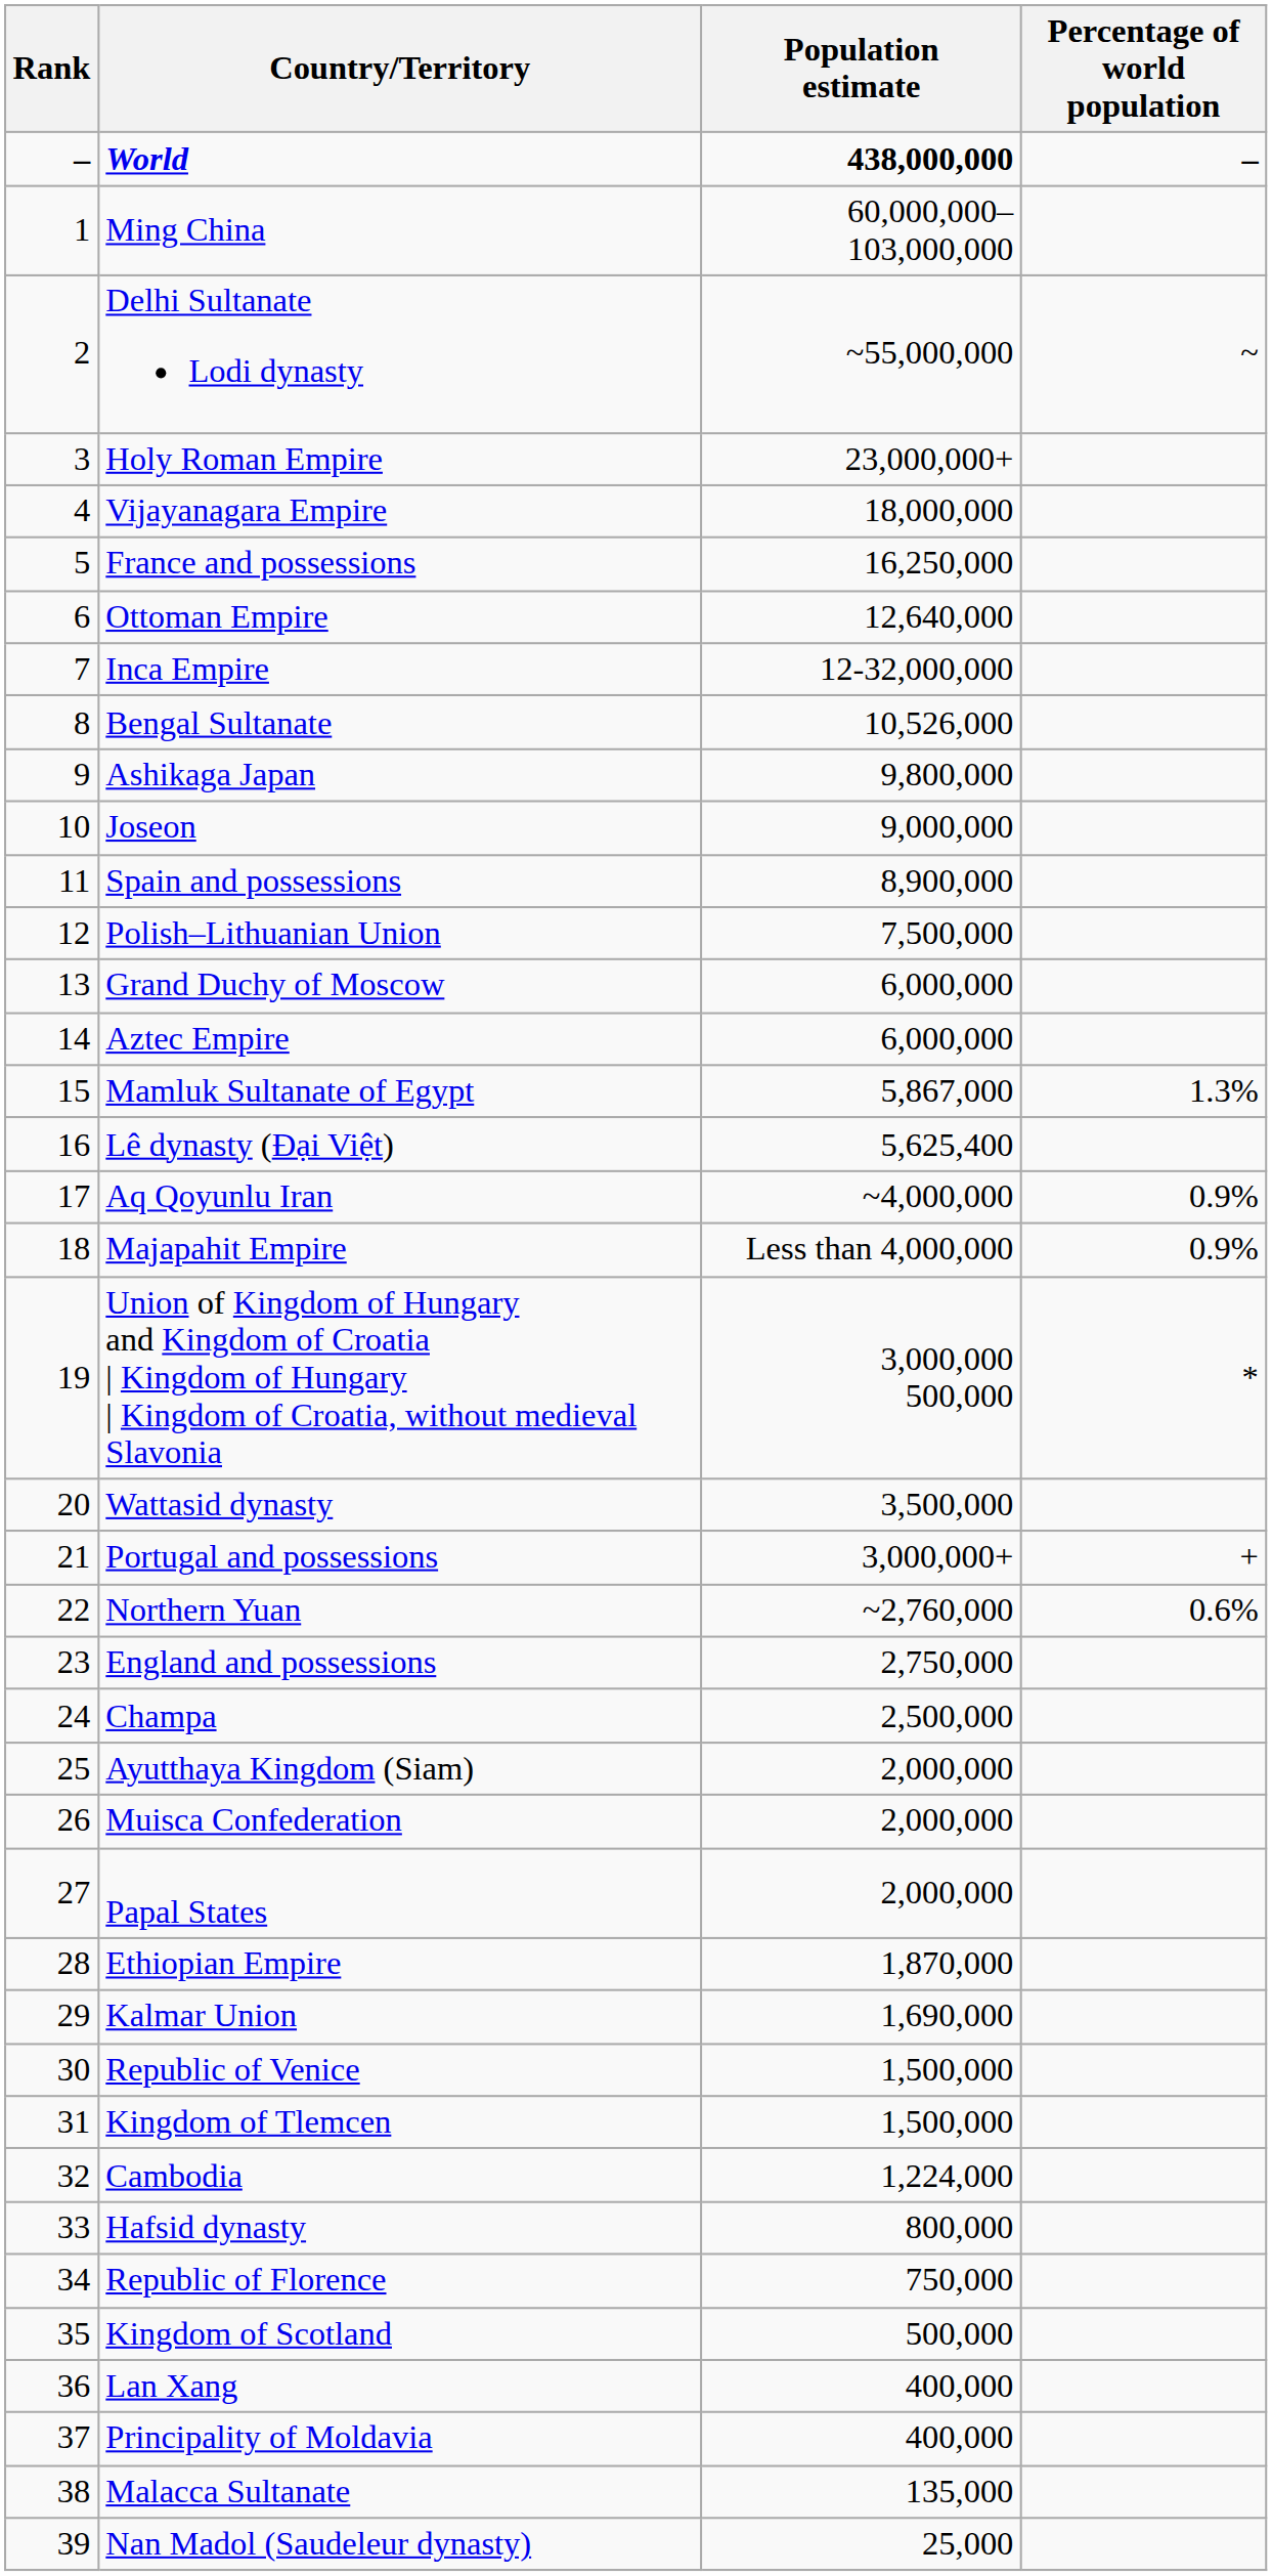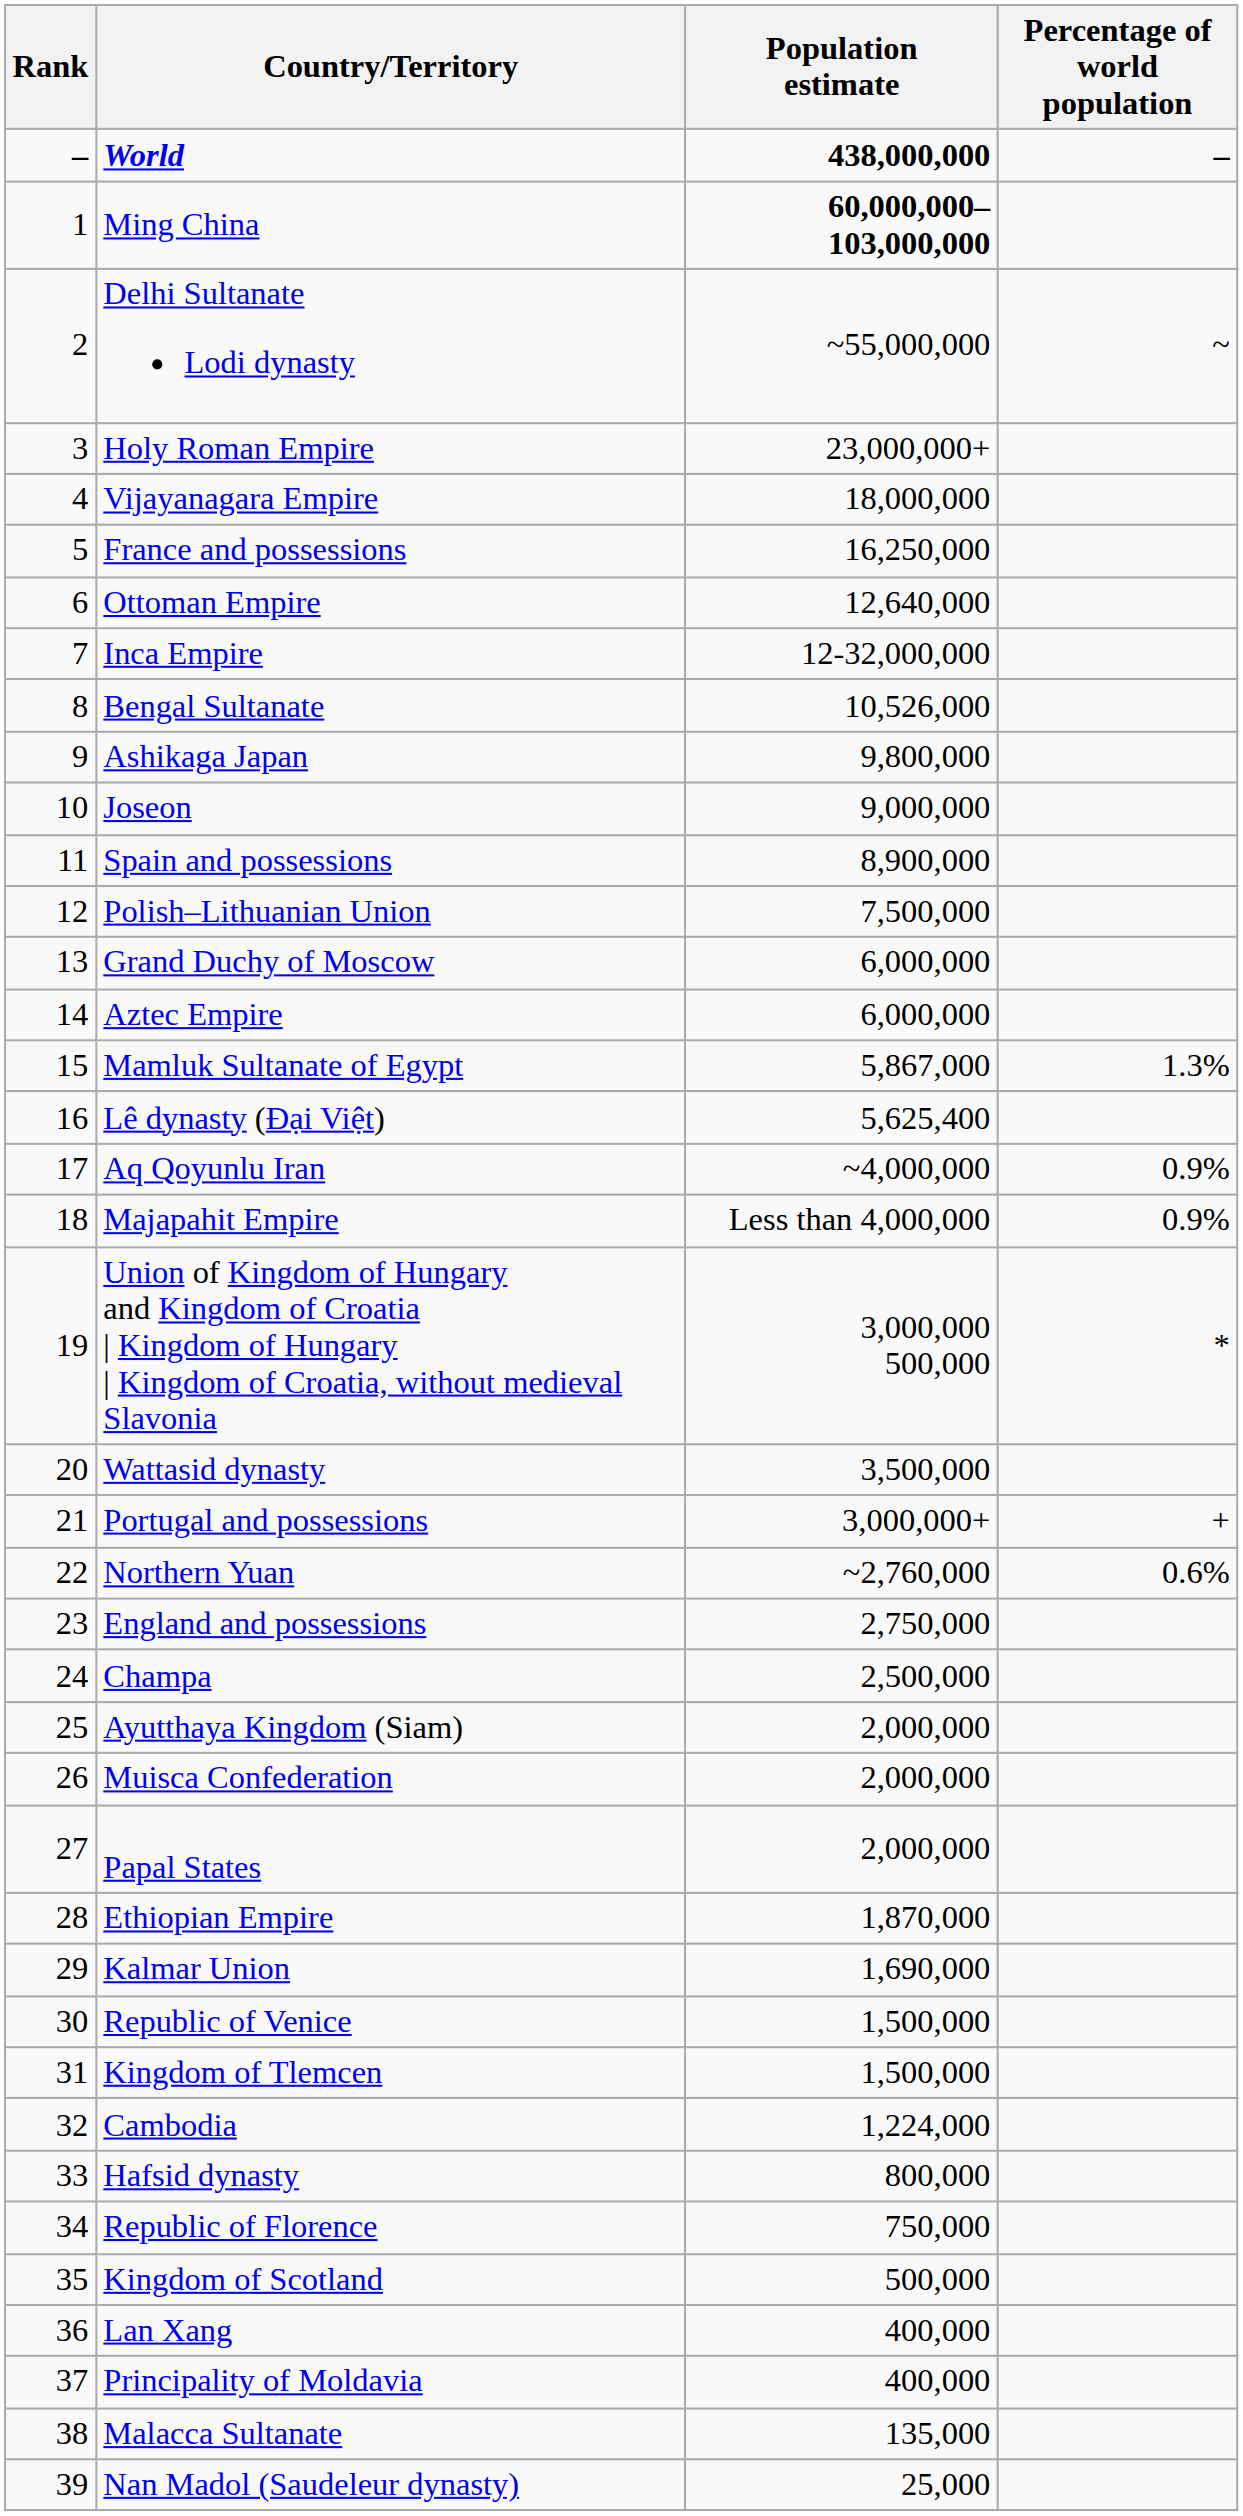 <table class="wikitable sticky-header" style="text-align:right">
 <tr>
 <th>Rank</th>
 <th>Country/Territory</th>
 <th>Population<br> estimate</th>
 <th>Percentage of<br>world population</th>
 </tr>
 <tr style="font-weight: bold;">
 <td>–</td>
 <td align="left"> <em><a href='#'>World</a></em> </td>
 <td>438,000,000</td>
 <td>–</td>
 </tr>
 <tr>
 <td>1</td>
 <td align="left"> <a href='#'>Ming China</a></td>
-<td>60,000,000–103,000,000</td>
+<td><strong>60,000,000–103,000,000</strong></td>
 <td></td>
 </tr>
 <tr>
 <td>2</td>
 <td style="text-align:left;"> <a href='#'>Delhi Sultanate</a><br><ul><li><a href='#'>Lodi dynasty</a></li></ul></td>
 <td>~55,000,000</td>
 <td>~</td>
 </tr>
 <tr>
 <td>3</td>
 <td style="text-align:left;"> <a href='#'>Holy Roman Empire</a><br></td>
 <td>23,000,000+</td>
 <td></td>
 </tr>
 <tr>
 <td>4</td>
 <td style="text-align:left;"><a href='#'>Vijayanagara Empire</a></td>
 <td>18,000,000</td>
 <td></td>
 </tr>
 <tr>
 <td>5</td>
 <td style="text-align:left;"> <a href='#'>France and possessions</a><br></td>
 <td>16,250,000</td>
 <td></td>
 </tr>
 <tr>
 <td>6</td>
 <td style="text-align:left;"> <a href='#'>Ottoman Empire</a><br> </td>
 <td>12,640,000</td>
 <td></td>
 </tr>
 <tr>
 <td>7</td>
 <td style="text-align:left;"> <a href='#'>Inca Empire</a></td>
 <td>12-32,000,000</td>
 <td></td>
 </tr>
 <tr>
 <td>8</td>
 <td style="text-align:left;"> <a href='#'>Bengal Sultanate</a></td>
 <td>10,526,000</td>
 <td></td>
 </tr>
 <tr>
 <td>9</td>
 <td style="text-align:left;"> <a href='#'>Ashikaga Japan</a></td>
 <td>9,800,000</td>
 <td></td>
 </tr>
 <tr>
 <td>10</td>
 <td style="text-align:left;"> <a href='#'>Joseon</a></td>
 <td>9,000,000</td>
 <td></td>
 </tr>
 <tr>
 <td>11</td>
 <td style="text-align:left;">  <a href='#'>Spain and possessions</a><br></td>
 <td>8,900,000</td>
 <td></td>
 </tr>
 <tr>
 <td>12</td>
 <td style="text-align:left;">  <a href='#'>Polish–Lithuanian Union</a><br></td>
 <td>7,500,000</td>
 <td></td>
 </tr>
 <tr>
 <td>13</td>
 <td style="text-align:left;"> <a href='#'>Grand Duchy of Moscow</a></td>
 <td>6,000,000</td>
 <td></td>
 </tr>
 <tr>
 <td>14</td>
 <td style="text-align:left;"> <a href='#'>Aztec Empire</a></td>
 <td>6,000,000</td>
 <td></td>
 </tr>
 <tr>
 <td>15</td>
 <td style="text-align:left;"> <a href='#'>Mamluk Sultanate of Egypt</a><br></td>
 <td>5,867,000</td>
 <td>1.3%</td>
 </tr>
 <tr>
 <td>16</td>
 <td style="text-align:left;"><a href='#'>Lê dynasty</a> (<a href='#'>Đại Việt</a>)</td>
 <td>5,625,400</td>
 <td></td>
 </tr>
 <tr>
 <td>17</td>
 <td style="text-align:left;"> <a href='#'>Aq Qoyunlu Iran</a></td>
 <td>~4,000,000</td>
 <td>0.9%</td>
 </tr>
 <tr>
 <td>18</td>
 <td style="text-align:left;"> <a href='#'>Majapahit Empire</a></td>
 <td>Less than 4,000,000</td>
 <td>0.9%</td>
 </tr>
 <tr>
 <td>19</td>
 <td style="text-align:left;"><a href='#'>Union</a> of <a href='#'>Kingdom of Hungary</a><br>and <a href='#'>Kingdom of Croatia</a><br>| <a href='#'>Kingdom of Hungary</a> <br>| <a href='#'>Kingdom of Croatia, without medieval Slavonia</a></td>
 <td>3,000,000<br>500,000</td>
 <td>*</td>
 </tr>
 <tr>
 <td>20</td>
 <td style="text-align:left;"> <a href='#'>Wattasid dynasty</a></td>
 <td>3,500,000</td>
 <td></td>
 </tr>
 <tr>
 <td>21</td>
 <td style="text-align:left;"> <a href='#'>Portugal and possessions</a><br></td>
 <td>3,000,000+</td>
 <td>+</td>
 </tr>
 <tr>
 <td>22</td>
 <td style="text-align:left;"><a href='#'>Northern Yuan</a></td>
 <td>~2,760,000</td>
 <td>0.6%</td>
 </tr>
 <tr>
 <td>23</td>
 <td style="text-align:left;"> <a href='#'>England and possessions</a><br></td>
 <td>2,750,000</td>
 <td></td>
 </tr>
 <tr>
 <td>24</td>
 <td style="text-align:left;"><a href='#'>Champa</a></td>
 <td>2,500,000</td>
 <td></td>
 </tr>
 <tr>
 <td>25</td>
 <td style="text-align:left;"> <a href='#'>Ayutthaya Kingdom</a> (Siam)</td>
 <td>2,000,000</td>
 <td></td>
 </tr>
 <tr>
 <td>26</td>
 <td style="text-align:left;"> <a href='#'>Muisca Confederation</a></td>
 <td>2,000,000</td>
 <td></td>
 </tr>
 <tr>
 <td>27</td>
 <td style="text-align:left;"><br> <a href='#'>Papal States</a></td>
 <td>2,000,000</td>
 <td></td>
 </tr>
 <tr>
 <td>28</td>
 <td style="text-align:left;"> <a href='#'>Ethiopian Empire</a></td>
 <td>1,870,000</td>
 <td></td>
 </tr>
 <tr>
 <td>29</td>
 <td style="text-align:left;"> <a href='#'>Kalmar Union</a><br></td>
 <td>1,690,000</td>
 <td></td>
 </tr>
 <tr>
 <td>30</td>
 <td style="text-align:left;"> <a href='#'>Republic of Venice</a><br></td>
 <td>1,500,000</td>
 <td></td>
 </tr>
 <tr>
 <td>31</td>
 <td style="text-align:left;"> <a href='#'>Kingdom of Tlemcen</a></td>
 <td>1,500,000</td>
 <td></td>
 </tr>
 <tr>
 <td>32</td>
 <td style="text-align:left;"> <a href='#'>Cambodia</a></td>
 <td>1,224,000</td>
 <td></td>
 </tr>
 <tr>
 <td>33</td>
 <td style="text-align:left;"> <a href='#'>Hafsid dynasty</a></td>
 <td>800,000</td>
 <td></td>
 </tr>
 <tr>
 <td>34</td>
 <td style="text-align:left;"> <a href='#'>Republic of Florence</a></td>
 <td>750,000</td>
 <td></td>
 </tr>
 <tr>
 <td>35</td>
 <td style="text-align:left;"> <a href='#'>Kingdom of Scotland</a></td>
 <td>500,000</td>
 <td></td>
 </tr>
 <tr>
 <td>36</td>
 <td style="text-align:left;"><a href='#'>Lan Xang</a></td>
 <td>400,000</td>
 <td></td>
 </tr>
 <tr>
 <td>37</td>
 <td style="text-align:left;"> <a href='#'>Principality of Moldavia</a></td>
 <td>400,000</td>
 <td></td>
 </tr>
 <tr>
 <td>38</td>
 <td style="text-align:left;"><a href='#'>Malacca Sultanate</a></td>
 <td>135,000</td>
 <td></td>
 </tr>
 <tr>
 <td>39</td>
 <td style="text-align:left;"><a href='#'>Nan Madol (Saudeleur dynasty)</a></td>
 <td>25,000</td>
 <td></td>
 </tr>
 </table>
